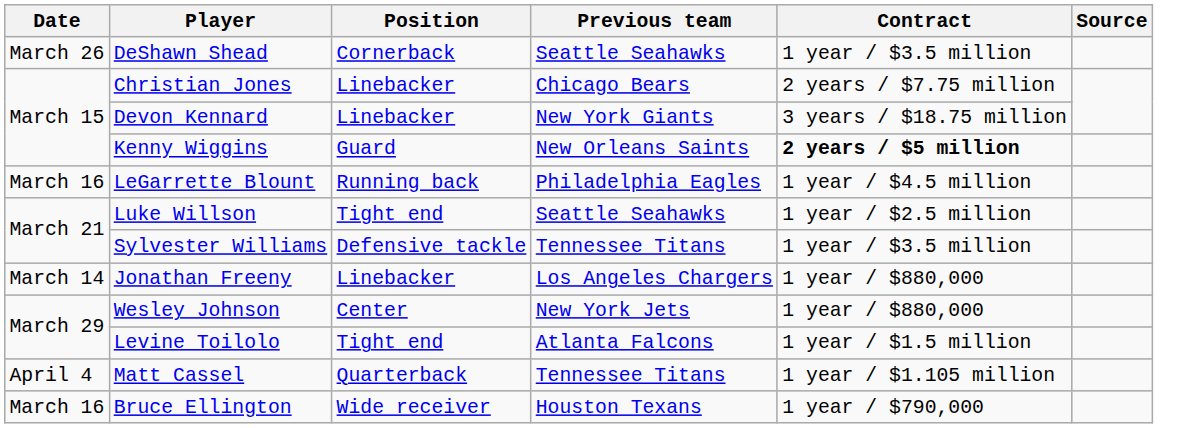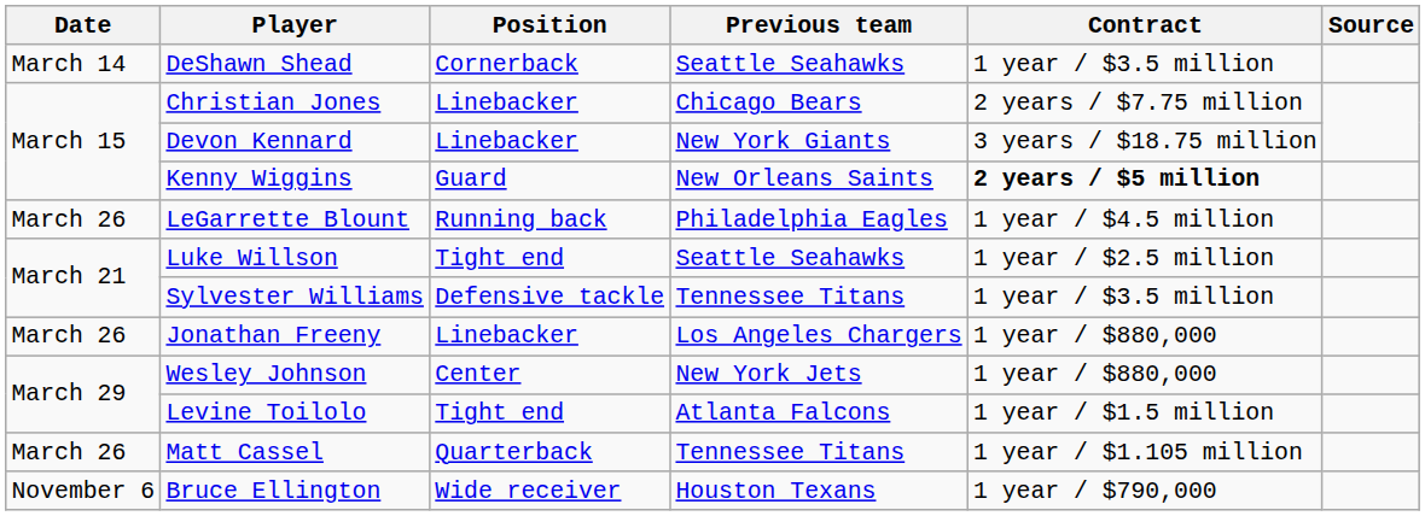 <table class="wikitable">
 <tr>
 <th>Date</th>
 <th>Player</th>
 <th>Position</th>
 <th>Previous team</th>
 <th>Contract</th>
 <th>Source</th>
 </tr>
 <tr>
-<td>March 26</td>
+<td>March 14</td>
 <td><a href='#'>DeShawn Shead</a></td>
 <td><a href='#'>Cornerback</a></td>
 <td><a href='#'>Seattle Seahawks</a></td>
 <td>1 year / $3.5 million</td>
 <td></td>
 </tr>
 <tr>
 <td rowspan="3">March 15</td>
 <td><a href='#'>Christian Jones</a></td>
 <td><a href='#'>Linebacker</a></td>
 <td><a href='#'>Chicago Bears</a></td>
 <td>2 years / $7.75 million</td>
 <td rowspan="2"></td>
 </tr>
 <tr>
 <td><a href='#'>Devon Kennard</a></td>
 <td><a href='#'>Linebacker</a></td>
 <td><a href='#'>New York Giants</a></td>
 <td>3 years / $18.75 million</td>
 </tr>
 <tr>
 <td><a href='#'>Kenny Wiggins</a></td>
 <td><a href='#'>Guard</a></td>
 <td><a href='#'>New Orleans Saints</a></td>
 <td><strong>2 years / $5 million</strong></td>
 <td></td>
 </tr>
 <tr>
-<td>March 16</td>
+<td>March 26</td>
 <td><a href='#'>LeGarrette Blount</a></td>
 <td><a href='#'>Running back</a></td>
 <td><a href='#'>Philadelphia Eagles</a></td>
 <td>1 year / $4.5 million</td>
 <td></td>
 </tr>
 <tr>
 <td rowspan="2">March 21</td>
 <td><a href='#'>Luke Willson</a></td>
 <td><a href='#'>Tight end</a></td>
 <td><a href='#'>Seattle Seahawks</a></td>
 <td>1 year / $2.5 million</td>
 <td></td>
 </tr>
 <tr>
 <td><a href='#'>Sylvester Williams</a></td>
 <td><a href='#'>Defensive tackle</a></td>
 <td><a href='#'>Tennessee Titans</a></td>
 <td>1 year / $3.5 million</td>
 <td></td>
 </tr>
 <tr>
-<td>March 14</td>
+<td>March 26</td>
 <td><a href='#'>Jonathan Freeny</a></td>
 <td><a href='#'>Linebacker</a></td>
 <td><a href='#'>Los Angeles Chargers</a></td>
 <td>1 year / $880,000</td>
 <td></td>
 </tr>
 <tr>
 <td rowspan="2">March 29</td>
 <td><a href='#'>Wesley Johnson</a></td>
 <td><a href='#'>Center</a></td>
 <td><a href='#'>New York Jets</a></td>
 <td>1 year / $880,000</td>
 <td></td>
 </tr>
 <tr>
 <td><a href='#'>Levine Toilolo</a></td>
 <td><a href='#'>Tight end</a></td>
 <td><a href='#'>Atlanta Falcons</a></td>
 <td>1 year / $1.5 million</td>
 <td></td>
 </tr>
 <tr>
-<td>April 4</td>
+<td>March 26</td>
 <td><a href='#'>Matt Cassel</a></td>
 <td><a href='#'>Quarterback</a></td>
 <td><a href='#'>Tennessee Titans</a></td>
 <td>1 year / $1.105 million</td>
 <td></td>
 </tr>
 <tr>
-<td>March 16</td>
+<td>November 6</td>
 <td><a href='#'>Bruce Ellington</a></td>
 <td><a href='#'>Wide receiver</a></td>
 <td><a href='#'>Houston Texans</a></td>
 <td>1 year / $790,000</td>
 <td></td>
 </tr>
 </table>
